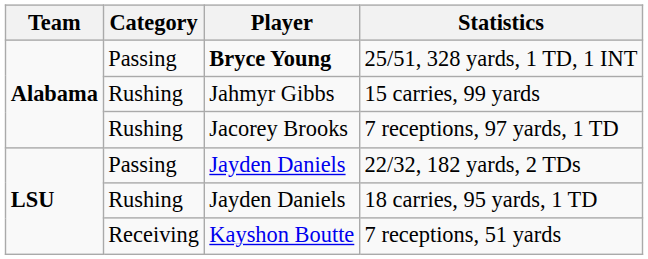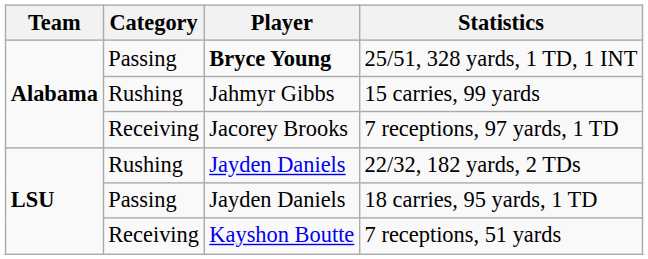 <table class="wikitable" style="float: right;">
 <tr>
 <th>Team</th>
 <th>Category</th>
 <th>Player</th>
 <th>Statistics</th>
 </tr>
 <tr>
 <td rowspan=3><strong>Alabama</strong></td>
 <td>Passing</td>
 <td><strong>Bryce Young</strong></td>
 <td>25/51, 328 yards, 1 TD, 1 INT</td>
 </tr>
 <tr>
 <td>Rushing</td>
 <td>Jahmyr Gibbs</td>
 <td>15 carries, 99 yards</td>
 </tr>
 <tr>
-<td>Rushing</td>
+<td>Receiving</td>
 <td>Jacorey Brooks</td>
 <td>7 receptions, 97 yards, 1 TD</td>
 </tr>
 <tr>
 <td rowspan=3><strong>LSU</strong></td>
-<td>Passing</td>
+<td>Rushing</td>
 <td><a href='#'>Jayden Daniels</a></td>
 <td>22/32, 182 yards, 2 TDs</td>
 </tr>
 <tr>
-<td>Rushing</td>
+<td>Passing</td>
 <td>Jayden Daniels</td>
 <td>18 carries, 95 yards, 1 TD</td>
 </tr>
 <tr>
 <td>Receiving</td>
 <td><a href='#'>Kayshon Boutte</a></td>
 <td>7 receptions, 51 yards</td>
 </tr>
 </table>
